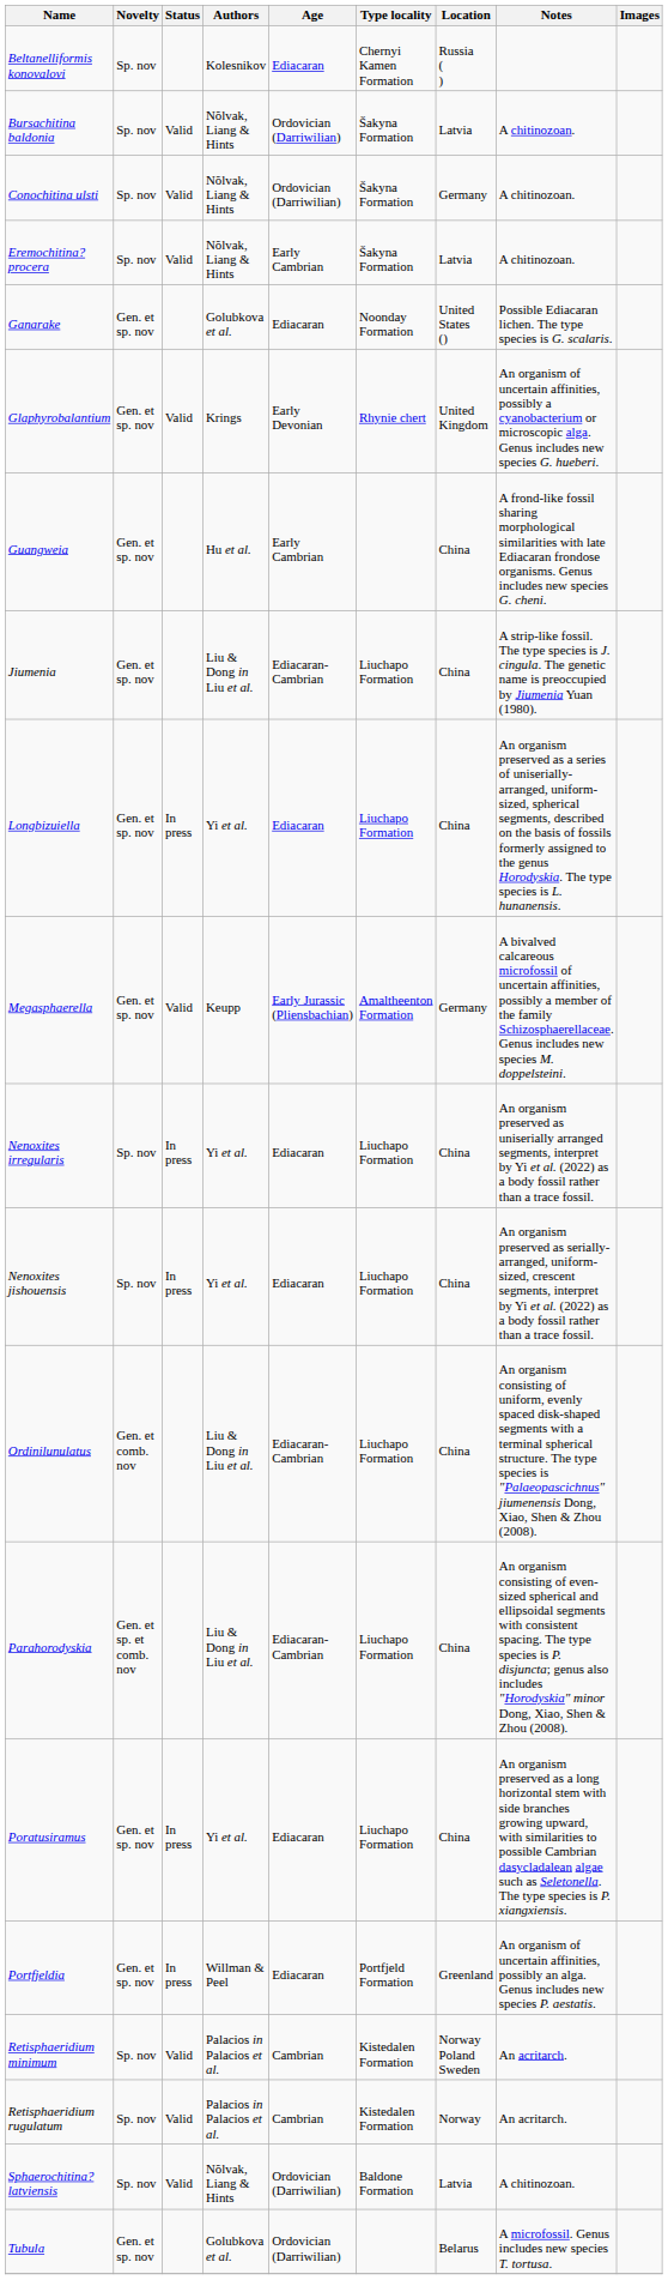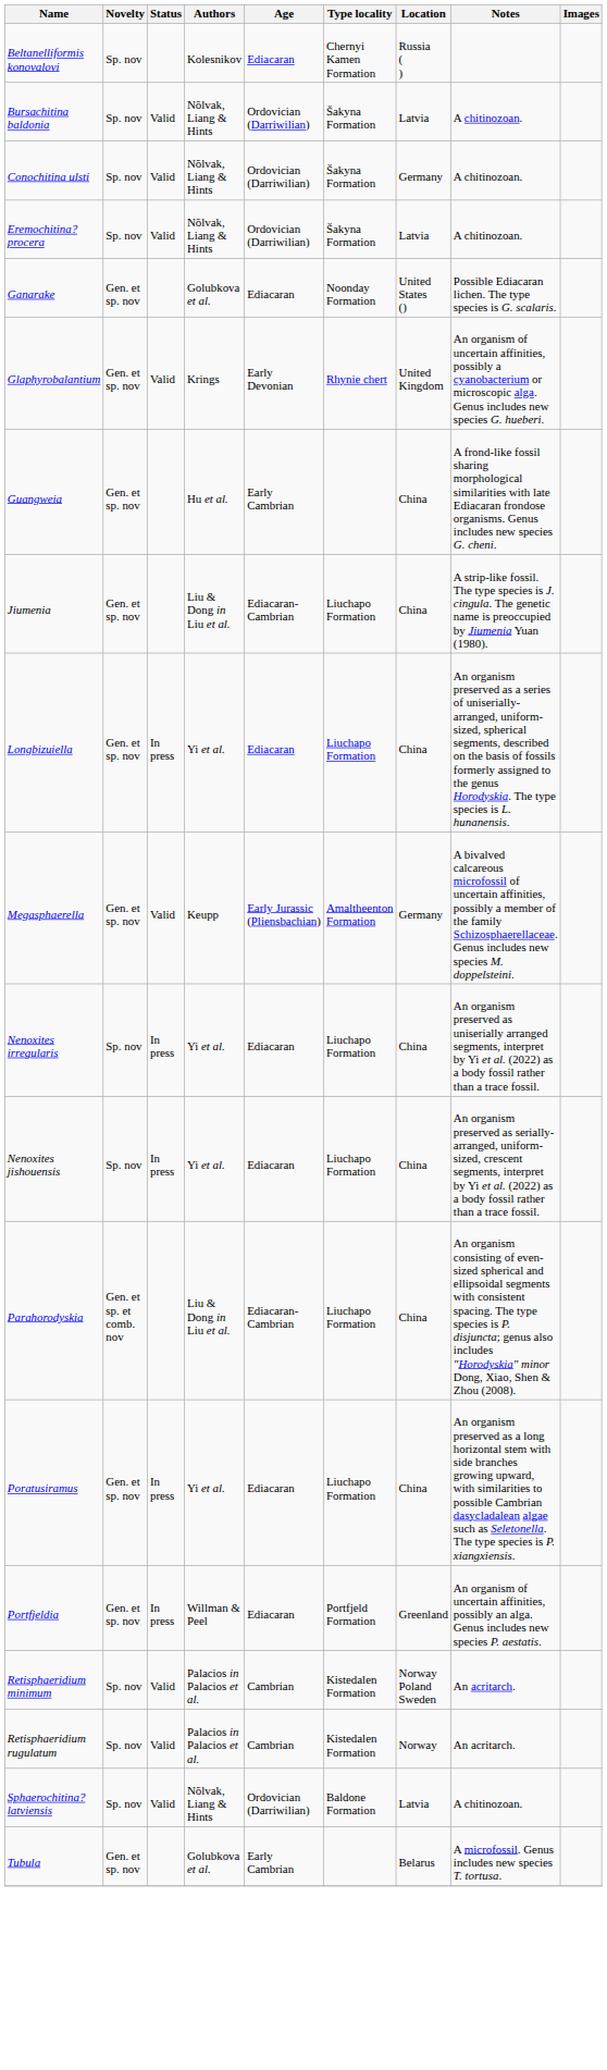 <table class="wikitable sortable" align="center" width="100%">
 <tr>
 <th>Name</th>
 <th>Novelty</th>
 <th>Status</th>
 <th>Authors</th>
 <th>Age</th>
 <th>Type locality</th>
 <th>Location</th>
 <th>Notes</th>
 <th>Images</th>
 </tr>
 <tr>
 <td><br><em><a href='#'>Beltanelliformis konovalovi</a></em></td>
 <td><br>Sp. nov</td>
 <td></td>
 <td><br>Kolesnikov</td>
 <td><br><a href='#'>Ediacaran</a></td>
 <td><br>Chernyi Kamen Formation</td>
 <td><br>Russia<br>(<br>)</td>
 <td></td>
 <td></td>
 </tr>
 <tr>
 <td><br><em><a href='#'>Bursachitina baldonia</a></em></td>
 <td><br>Sp. nov</td>
 <td><br>Valid</td>
 <td><br>Nõlvak, Liang & Hints</td>
 <td><br>Ordovician (<a href='#'>Darriwilian</a>)</td>
 <td><br>Šakyna Formation</td>
 <td><br>Latvia</td>
 <td><br>A <a href='#'>chitinozoan</a>.</td>
 <td></td>
 </tr>
 <tr>
 <td><br><em><a href='#'>Conochitina ulsti</a></em></td>
 <td><br>Sp. nov</td>
 <td><br>Valid</td>
 <td><br>Nõlvak, Liang & Hints</td>
 <td><br>Ordovician (Darriwilian)</td>
 <td><br>Šakyna Formation</td>
 <td><br>Germany</td>
 <td><br>A chitinozoan.</td>
 <td></td>
 </tr>
 <tr>
 <td><br><em><a href='#'>Eremochitina? procera</a></em></td>
 <td><br>Sp. nov</td>
 <td><br>Valid</td>
 <td><br>Nõlvak, Liang & Hints</td>
-<td><br>Early Cambrian</td>
+<td><br>Ordovician (Darriwilian)</td>
 <td><br>Šakyna Formation</td>
 <td><br>Latvia</td>
 <td><br>A chitinozoan.</td>
 <td></td>
 </tr>
 <tr>
 <td><br><em><a href='#'>Ganarake</a></em></td>
 <td><br>Gen. et sp. nov</td>
 <td></td>
 <td><br>Golubkova <em>et al.</em></td>
 <td><br>Ediacaran</td>
 <td><br>Noonday Formation</td>
 <td><br>United States<br>()</td>
 <td><br>Possible Ediacaran lichen. The type species is <em>G. scalaris</em>.</td>
 <td></td>
 </tr>
 <tr>
 <td><br><em><a href='#'>Glaphyrobalantium</a></em></td>
 <td><br>Gen. et sp. nov</td>
 <td><br>Valid</td>
 <td><br>Krings</td>
 <td><br>Early Devonian</td>
 <td><br><a href='#'>Rhynie chert</a></td>
 <td><br>United Kingdom</td>
 <td><br>An organism of uncertain affinities, possibly a <a href='#'>cyanobacterium</a> or microscopic <a href='#'>alga</a>. Genus includes new species <em>G. hueberi</em>.</td>
 <td></td>
 </tr>
 <tr>
 <td><br><em><a href='#'>Guangweia</a></em></td>
 <td><br>Gen. et sp. nov</td>
 <td></td>
 <td><br>Hu <em>et al.</em></td>
 <td><br>Early Cambrian</td>
 <td></td>
 <td><br>China</td>
 <td><br>A frond-like fossil sharing morphological similarities with late Ediacaran frondose organisms. Genus includes new species <em>G. cheni</em>.</td>
 <td></td>
 </tr>
 <tr>
 <td><br><em>Jiumenia</em></td>
 <td><br>Gen. et sp. nov</td>
 <td></td>
 <td><br>Liu & Dong <em>in</em> Liu <em>et al.</em></td>
 <td><br>Ediacaran-Cambrian</td>
 <td><br>Liuchapo Formation</td>
 <td><br>China</td>
 <td><br>A strip-like fossil. The type species is <em>J. cingula</em>. The genetic name is preoccupied by <em><a href='#'>Jiumenia</a></em> Yuan (1980).</td>
 <td></td>
 </tr>
 <tr>
 <td><br><em><a href='#'>Longbizuiella</a></em></td>
 <td><br>Gen. et sp. nov</td>
 <td><br>In press</td>
 <td><br>Yi <em>et al.</em></td>
 <td><br><a href='#'>Ediacaran</a></td>
 <td><br><a href='#'>Liuchapo Formation</a></td>
 <td><br>China</td>
 <td><br>An organism preserved as a series of uniserially-arranged, uniform-sized, spherical segments, described on the basis of fossils formerly assigned to the genus <em><a href='#'>Horodyskia</a></em>. The type species is <em>L. hunanensis</em>.</td>
 <td></td>
 </tr>
 <tr>
 <td><br><em><a href='#'>Megasphaerella</a></em></td>
 <td><br>Gen. et sp. nov</td>
 <td><br>Valid</td>
 <td><br>Keupp</td>
 <td><br><a href='#'>Early Jurassic</a> (<a href='#'>Pliensbachian</a>)</td>
 <td><br><a href='#'>Amaltheenton Formation</a></td>
 <td><br>Germany</td>
 <td><br>A bivalved calcareous <a href='#'>microfossil</a> of uncertain affinities, possibly a member of the family <a href='#'>Schizosphaerellaceae</a>. Genus includes new species <em>M. doppelsteini</em>.</td>
 <td></td>
 </tr>
 <tr>
 <td><br><em><a href='#'>Nenoxites irregularis</a></em></td>
 <td><br>Sp. nov</td>
 <td><br>In press</td>
 <td><br>Yi <em>et al.</em></td>
 <td><br>Ediacaran</td>
 <td><br>Liuchapo Formation</td>
 <td><br>China</td>
 <td><br>An organism preserved as uniserially arranged segments, interpret by Yi <em>et al.</em> (2022) as a body fossil rather than a trace fossil.</td>
 <td></td>
 </tr>
 <tr>
 <td><br><em>Nenoxites jishouensis</em></td>
 <td><br>Sp. nov</td>
 <td><br>In press</td>
 <td><br>Yi <em>et al.</em></td>
 <td><br>Ediacaran</td>
 <td><br>Liuchapo Formation</td>
 <td><br>China</td>
 <td><br>An organism preserved as serially-arranged, uniform-sized, crescent segments, interpret by Yi <em>et al.</em> (2022) as a body fossil rather than a trace fossil.</td>
 <td></td>
 </tr>
 <tr>
-<td><br><em><a href='#'>Ordinilunulatus</a></em></td>
-<td><br>Gen. et comb. nov</td>
-<td></td>
-<td><br>Liu & Dong <em>in</em> Liu <em>et al.</em></td>
-<td><br>Ediacaran-Cambrian</td>
-<td><br>Liuchapo Formation</td>
-<td><br>China</td>
-<td><br>An organism consisting of uniform, evenly spaced disk-shaped segments with a terminal spherical structure. The type species is <em>"<a href='#'>Palaeopascichnus</a>" jiumenensis</em> Dong, Xiao, Shen & Zhou (2008).</td>
-<td></td>
-</tr>
-<tr>
 <td><br><em><a href='#'>Parahorodyskia</a></em></td>
 <td><br>Gen. et sp. et comb. nov</td>
 <td></td>
 <td><br>Liu & Dong <em>in</em> Liu <em>et al.</em></td>
 <td><br>Ediacaran-Cambrian</td>
 <td><br>Liuchapo Formation</td>
 <td><br>China</td>
 <td><br>An organism consisting of even-sized spherical and ellipsoidal segments with consistent spacing. The type species is <em>P. disjuncta</em>; genus also includes <em>"<a href='#'>Horodyskia</a>" minor</em> Dong, Xiao, Shen & Zhou (2008).</td>
 <td></td>
 </tr>
 <tr>
 <td><br><em><a href='#'>Poratusiramus</a></em></td>
 <td><br>Gen. et sp. nov</td>
 <td><br>In press</td>
 <td><br>Yi <em>et al.</em></td>
 <td><br>Ediacaran</td>
 <td><br>Liuchapo Formation</td>
 <td><br>China</td>
 <td><br>An organism preserved as a long horizontal stem with side branches growing upward, with similarities to possible Cambrian <a href='#'>dasycladalean</a> <a href='#'>algae</a> such as <em><a href='#'>Seletonella</a></em>. The type species is <em>P. xiangxiensis</em>.</td>
 <td></td>
 </tr>
 <tr>
 <td><br><em><a href='#'>Portfjeldia</a></em></td>
 <td><br>Gen. et sp. nov</td>
 <td><br>In press</td>
 <td><br>Willman & Peel</td>
 <td><br>Ediacaran</td>
 <td><br>Portfjeld Formation</td>
 <td><br>Greenland</td>
 <td><br>An organism of uncertain affinities, possibly an alga. Genus includes new species <em>P. aestatis</em>.</td>
 <td></td>
 </tr>
 <tr>
 <td><br><em><a href='#'>Retisphaeridium minimum</a></em></td>
 <td><br>Sp. nov</td>
 <td><br>Valid</td>
 <td><br>Palacios <em>in</em> Palacios <em>et al.</em></td>
 <td><br>Cambrian</td>
 <td><br>Kistedalen Formation</td>
 <td><br>Norway<br> Poland<br> Sweden</td>
 <td><br>An <a href='#'>acritarch</a>.</td>
 <td></td>
 </tr>
 <tr>
 <td><br><em>Retisphaeridium rugulatum</em></td>
 <td><br>Sp. nov</td>
 <td><br>Valid</td>
 <td><br>Palacios <em>in</em> Palacios <em>et al.</em></td>
 <td><br>Cambrian</td>
 <td><br>Kistedalen Formation</td>
 <td><br>Norway</td>
 <td><br>An acritarch.</td>
 <td></td>
 </tr>
 <tr>
 <td><br><em><a href='#'>Sphaerochitina? latviensis</a></em></td>
 <td><br>Sp. nov</td>
 <td><br>Valid</td>
 <td><br>Nõlvak, Liang & Hints</td>
 <td><br>Ordovician (Darriwilian)</td>
 <td><br>Baldone Formation</td>
 <td><br>Latvia</td>
 <td><br>A chitinozoan.</td>
 <td></td>
 </tr>
 <tr>
 <td><br><em><a href='#'>Tubula</a></em></td>
 <td><br>Gen. et sp. nov</td>
 <td></td>
 <td><br>Golubkova <em>et al.</em></td>
-<td><br>Ordovician (Darriwilian)</td>
+<td><br>Early Cambrian</td>
 <td></td>
 <td><br>Belarus</td>
 <td><br>A <a href='#'>microfossil</a>. Genus includes new species <em>T. tortusa</em>.</td>
 <td></td>
 </tr>
 <tr>
 </tr>
 </table>
